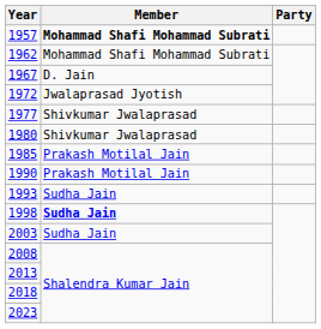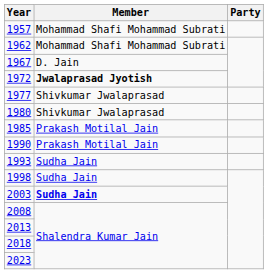 <table class="wikitable sortable">
 <tr>
 <th>Year</th>
 <th>Member</th>
 <th colspan="2">Party</th>
 </tr>
 <tr>
 <td><a href='#'>1957</a></td>
-<td><strong>Mohammad Shafi Mohammad Subrati</strong></td>
+<td>Mohammad Shafi Mohammad Subrati</td>
 <td></td>
 </tr>
 <tr>
 <td><a href='#'>1962</a></td>
 <td>Mohammad Shafi Mohammad Subrati</td>
 </tr>
 <tr>
 <td><a href='#'>1967</a></td>
 <td>D. Jain</td>
 </tr>
 <tr>
 <td><a href='#'>1972</a></td>
-<td>Jwalaprasad Jyotish</td>
+<td><strong>Jwalaprasad Jyotish</strong></td>
 </tr>
 <tr>
 <td><a href='#'>1977</a></td>
 <td>Shivkumar Jwalaprasad</td>
 <td></td>
 </tr>
 <tr>
 <td><a href='#'>1980</a></td>
 <td>Shivkumar Jwalaprasad</td>
 <td></td>
 </tr>
 <tr>
 <td><a href='#'>1985</a></td>
 <td><a href='#'>Prakash Motilal Jain</a></td>
 <td></td>
 </tr>
 <tr>
 <td><a href='#'>1990</a></td>
 <td><a href='#'>Prakash Motilal Jain</a></td>
 </tr>
 <tr>
 <td><a href='#'>1993</a></td>
 <td><a href='#'>Sudha Jain</a></td>
 <td></td>
 </tr>
 <tr>
 <td><a href='#'>1998</a></td>
-<td><strong><a href='#'>Sudha Jain</a></strong></td>
+<td><a href='#'>Sudha Jain</a></td>
 </tr>
 <tr>
 <td><a href='#'>2003</a></td>
-<td><a href='#'>Sudha Jain</a></td>
+<td><strong><a href='#'>Sudha Jain</a></strong></td>
 </tr>
 <tr>
 <td><a href='#'>2008</a></td>
 <td rowspan="4"><a href='#'>Shalendra Kumar Jain</a></td>
 </tr>
 <tr>
 <td><a href='#'>2013</a></td>
 </tr>
 <tr>
 <td><a href='#'>2018</a></td>
 </tr>
 <tr>
 <td><a href='#'>2023</a></td>
 </tr>
 </table>
